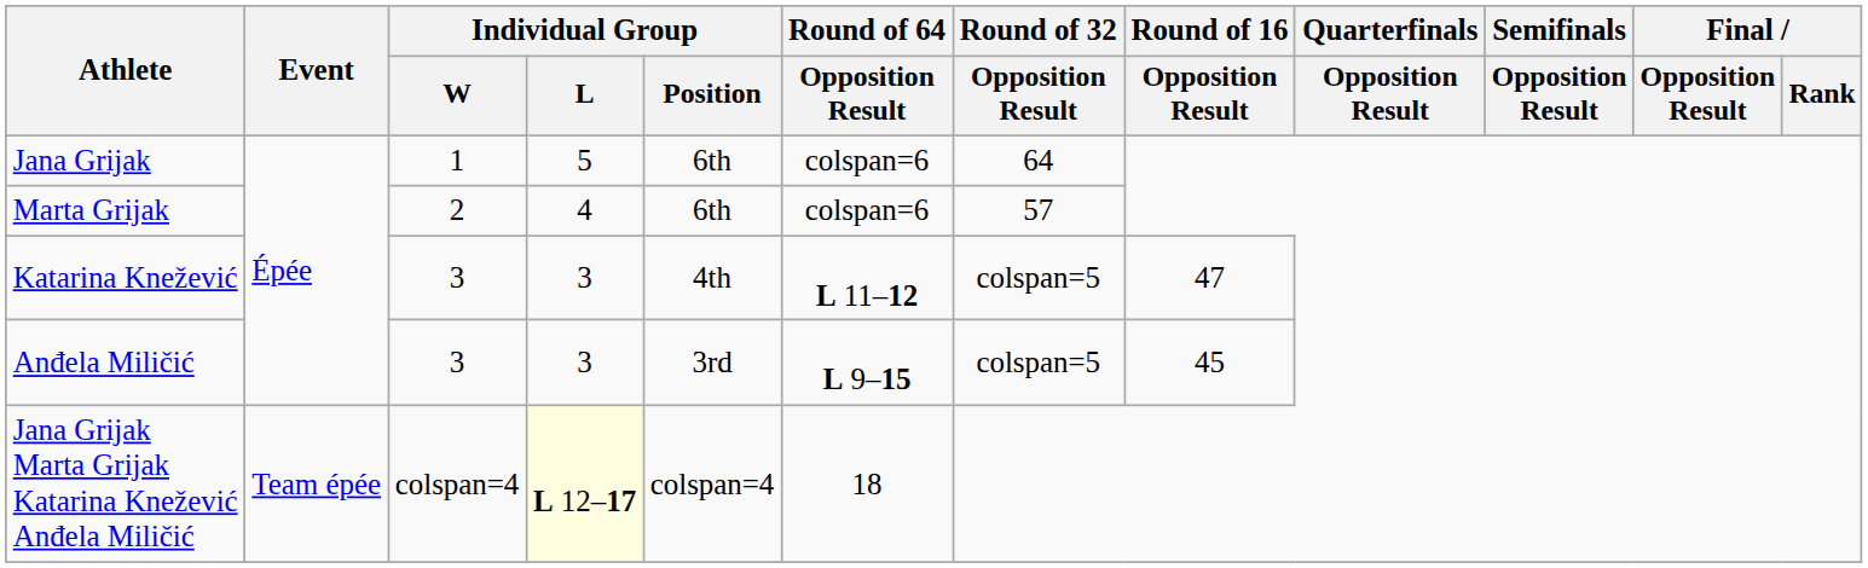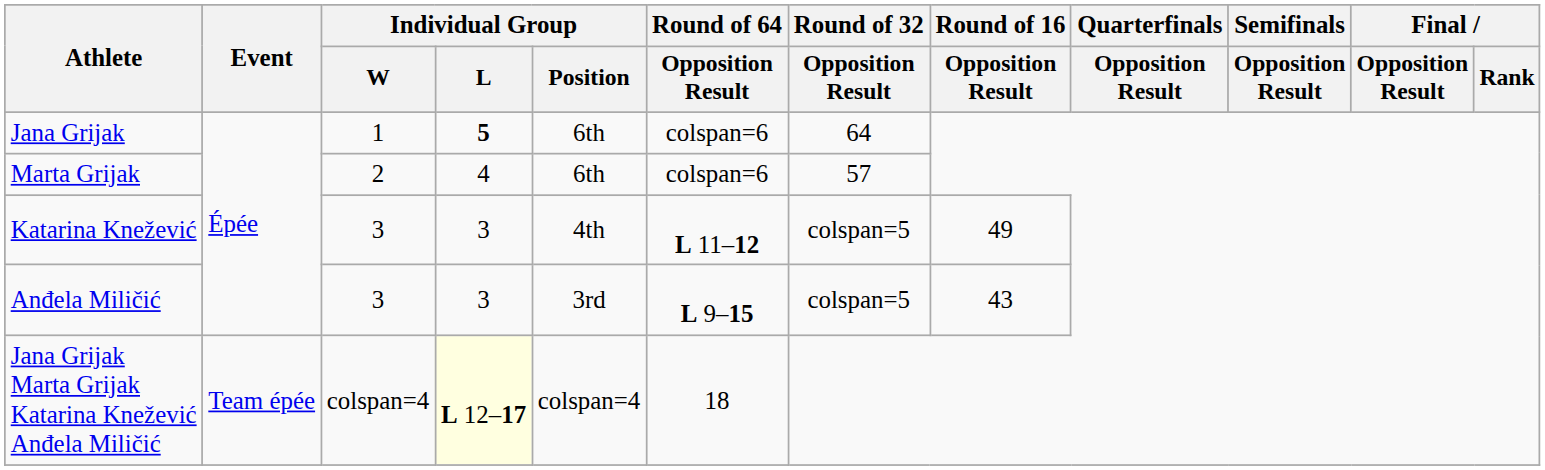 <table class=wikitable style="font-size:90%">
 <tr>
 <th rowspan="2">Athlete</th>
 <th rowspan="2">Event</th>
 <th colspan="3">Individual Group</th>
 <th>Round of 64</th>
 <th>Round of 32</th>
 <th>Round of 16</th>
 <th>Quarterfinals</th>
 <th>Semifinals</th>
 <th colspan="2">Final / </th>
 </tr>
 <tr style="font-size:95%">
 <th>W</th>
 <th>L</th>
 <th>Position</th>
 <th>Opposition<br>Result</th>
 <th>Opposition<br>Result</th>
 <th>Opposition<br>Result</th>
 <th>Opposition<br>Result</th>
 <th>Opposition<br>Result</th>
 <th>Opposition<br>Result</th>
 <th>Rank</th>
 </tr>
 <tr align=center>
 <td align=left><a href='#'>Jana Grijak</a></td>
 <td align=left rowspan=4><a href='#'>Épée</a></td>
 <td>1</td>
-<td>5</td>
+<td><strong>5</strong></td>
 <td>6th</td>
 <td>colspan=6 </td>
 <td>64</td>
 </tr>
 <tr align=center>
 <td align=left><a href='#'>Marta Grijak</a></td>
 <td>2</td>
 <td>4</td>
 <td>6th</td>
 <td>colspan=6 </td>
 <td>57</td>
 </tr>
 <tr align=center>
 <td align=left><a href='#'>Katarina Knežević</a></td>
 <td>3</td>
 <td>3</td>
 <td>4th</td>
 <td><br><strong>L</strong> 11–<strong>12</strong></td>
 <td>colspan=5 </td>
-<td>47</td>
+<td>49</td>
 </tr>
 <tr align=center>
 <td align=left><a href='#'>Anđela Miličić</a></td>
 <td>3</td>
 <td>3</td>
 <td>3rd</td>
 <td><br><strong>L</strong> 9–<strong>15</strong></td>
 <td>colspan=5 </td>
-<td>45</td>
+<td>43</td>
 </tr>
 <tr align=center>
 <td align=left><a href='#'>Jana Grijak</a><br><a href='#'>Marta Grijak</a><br><a href='#'>Katarina Knežević</a><br><a href='#'>Anđela Miličić</a></td>
 <td align=left><a href='#'>Team épée</a></td>
 <td>colspan=4 </td>
 <td style="background: lightyellow;"><br><strong>L</strong> 12–<strong>17</strong></td>
 <td>colspan=4 </td>
 <td>18</td>
 </tr>
 </table>
